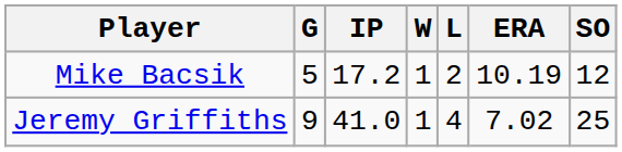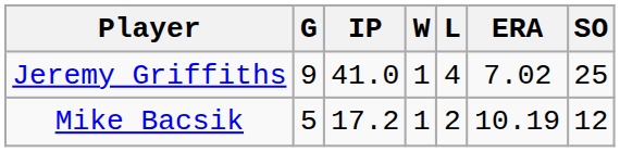 <table class="wikitable sortable">
 <tr>
 <th>Player</th>
 <th>G</th>
 <th>IP</th>
 <th>W</th>
 <th>L</th>
 <th>ERA</th>
 <th>SO</th>
 </tr>
 <tr align=center>
+<td><a href='#'>Jeremy Griffiths</a></td>
+<td>9</td>
+<td>41.0</td>
+<td>1</td>
+<td>4</td>
+<td>7.02</td>
+<td>25</td>
+</tr>
+<tr align=center>
 <td><a href='#'>Mike Bacsik</a></td>
 <td>5</td>
 <td>17.2</td>
 <td>1</td>
 <td>2</td>
 <td>10.19</td>
 <td>12</td>
 </tr>
-<tr align=center>
-<td><a href='#'>Jeremy Griffiths</a></td>
-<td>9</td>
-<td>41.0</td>
-<td>1</td>
-<td>4</td>
-<td>7.02</td>
-<td>25</td>
-</tr>
 </table>
